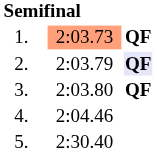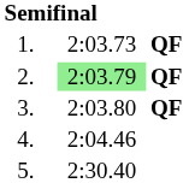 <table style="text-align:center">
 <tr>
 <td colspan=4 align=left><strong>Semifinal</strong></td>
 </tr>
 <tr>
 <td width=30>1.</td>
 <td align=left></td>
-<td width=60 style="background: lightsalmon;">2:03.73</td>
+<td width=60>2:03.73</td>
 <td><strong>QF</strong></td>
 </tr>
 <tr>
 <td>2.</td>
 <td align=left></td>
-<td>2:03.79</td>
-<td style="background: lavender;"><strong>QF</strong></td>
+<td style="background: lightgreen;">2:03.79</td>
+<td><strong>QF</strong></td>
 </tr>
 <tr>
 <td>3.</td>
 <td align=left></td>
 <td>2:03.80</td>
 <td><strong>QF</strong></td>
 </tr>
 <tr>
 <td>4.</td>
 <td align=left></td>
 <td>2:04.46</td>
 <td></td>
 </tr>
 <tr>
 <td>5.</td>
 <td align=left></td>
 <td>2:30.40</td>
 <td></td>
 </tr>
 </table>
